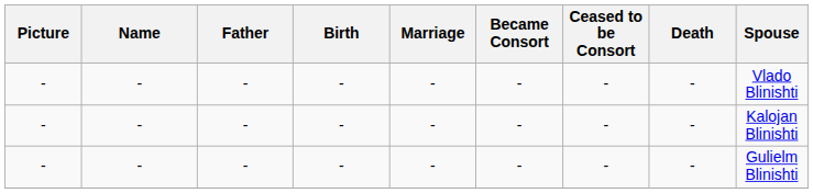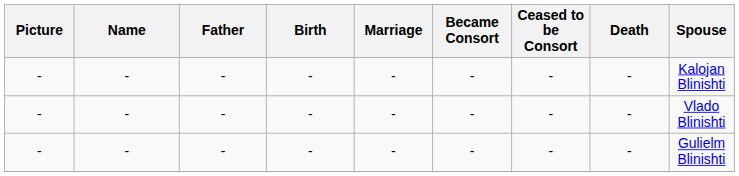 <table width=95% class="wikitable">
 <tr>
 <th width = "8%">Picture</th>
 <th width = "12%">Name</th>
 <th width = "10%">Father</th>
 <th width = "10%">Birth</th>
 <th width = "9%">Marriage</th>
 <th width = "9%">Became Consort</th>
 <th width = "9%">Ceased to be Consort</th>
 <th width = "9%">Death</th>
 <th width = "6%">Spouse</th>
 </tr>
 <tr>
 <td align="center">-</td>
 <td align="center">-</td>
 <td align="center">-</td>
 <td align="center">-</td>
 <td align="center">-</td>
 <td align="center">-</td>
 <td align="center">-</td>
 <td align="center">-</td>
-<td align="center"><a href='#'>Vlado Blinishti</a></td>
+<td align="center"><a href='#'>Kalojan Blinishti</a></td>
 </tr>
 <tr>
 <td align="center">-</td>
 <td align="center">-</td>
 <td align="center">-</td>
 <td align="center">-</td>
 <td align="center">-</td>
 <td align="center">-</td>
 <td align="center">-</td>
 <td align="center">-</td>
-<td align="center"><a href='#'>Kalojan Blinishti</a></td>
+<td align="center"><a href='#'>Vlado Blinishti</a></td>
 </tr>
 <tr>
 <td align="center">-</td>
 <td align="center">-</td>
 <td align="center">-</td>
 <td align="center">-</td>
 <td align="center">-</td>
 <td align="center">-</td>
 <td align="center">-</td>
 <td align="center">-</td>
 <td align="center"><a href='#'>Gulielm Blinishti</a></td>
 </tr>
 <tr>
 </tr>
 </table>
